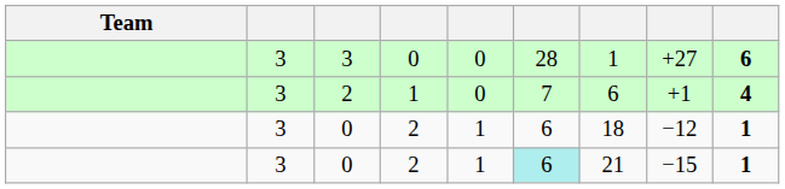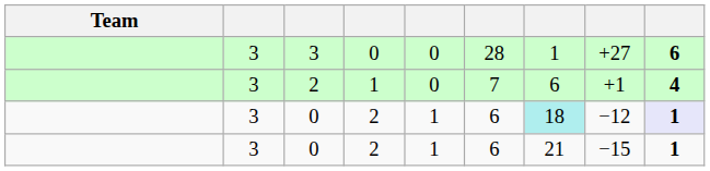 <table class="wikitable" style="text-align:center;">
 <tr>
 <th width=165>Team</th>
 <th width=40></th>
 <th width=40></th>
 <th width=40></th>
 <th width=40></th>
 <th width=40></th>
 <th width=40></th>
 <th width=40></th>
 <th width=40></th>
 </tr>
 <tr bgcolor="ccffcc">
 <td style="text-align:left;"></td>
 <td>3</td>
 <td>3</td>
 <td>0</td>
 <td>0</td>
 <td>28</td>
 <td>1</td>
 <td>+27</td>
 <td><strong>6</strong></td>
 </tr>
 <tr bgcolor="ccffcc">
 <td style="text-align:left;"></td>
 <td>3</td>
 <td>2</td>
 <td>1</td>
 <td>0</td>
 <td>7</td>
 <td>6</td>
 <td>+1</td>
 <td><strong>4</strong></td>
 </tr>
 <tr>
 <td style="text-align:left;"></td>
 <td>3</td>
 <td>0</td>
 <td>2</td>
 <td>1</td>
 <td>6</td>
-<td>18</td>
+<td style="background: paleturquoise;">18</td>
 <td>−12</td>
-<td><strong>1</strong></td>
+<td style="background: lavender;"><strong>1</strong></td>
 </tr>
 <tr>
 <td style="text-align:left;"></td>
 <td>3</td>
 <td>0</td>
 <td>2</td>
 <td>1</td>
-<td style="background: paleturquoise;">6</td>
+<td>6</td>
 <td>21</td>
 <td>−15</td>
 <td><strong>1</strong></td>
 </tr>
 </table>
